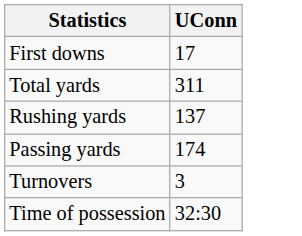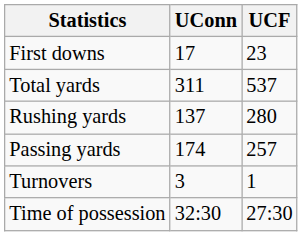 <table class="wikitable">
 <tr>
 <th>Statistics</th>
 <th>UConn</th>
+<th>UCF</th>
 </tr>
 <tr>
 <td>First downs</td>
 <td>17</td>
+<td>23</td>
 </tr>
 <tr>
 <td>Total yards</td>
 <td>311</td>
+<td>537</td>
 </tr>
 <tr>
 <td>Rushing yards</td>
 <td>137</td>
+<td>280</td>
 </tr>
 <tr>
 <td>Passing yards</td>
 <td>174</td>
+<td>257</td>
 </tr>
 <tr>
 <td>Turnovers</td>
 <td>3</td>
+<td>1</td>
 </tr>
 <tr>
 <td>Time of possession</td>
 <td>32:30</td>
+<td>27:30</td>
 </tr>
 </table>
